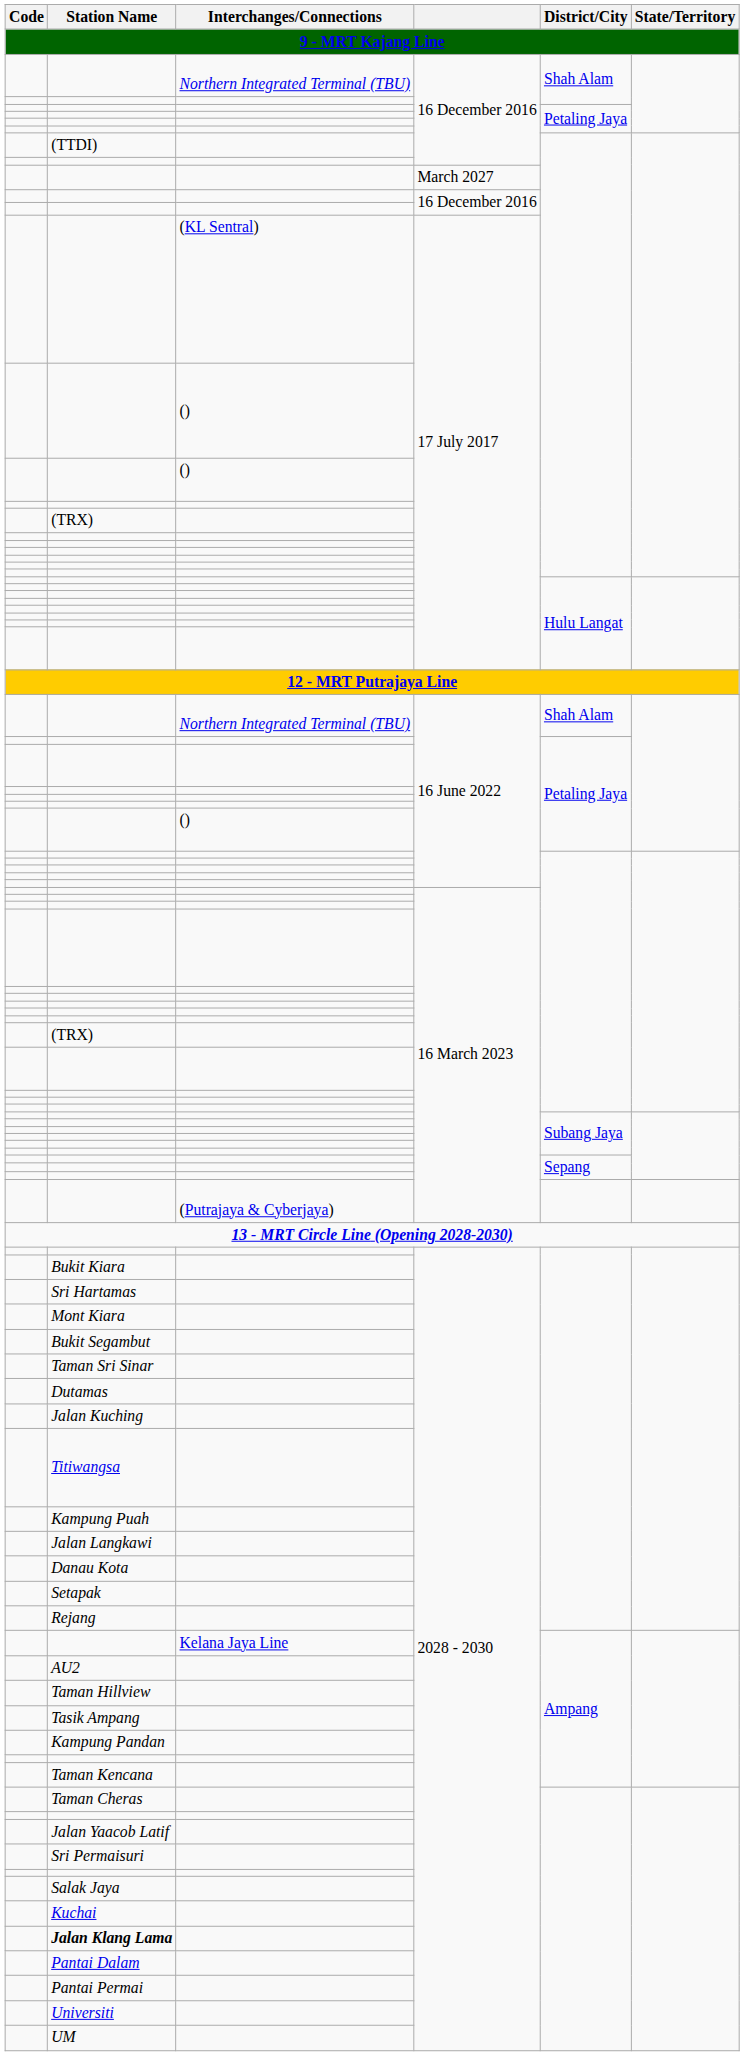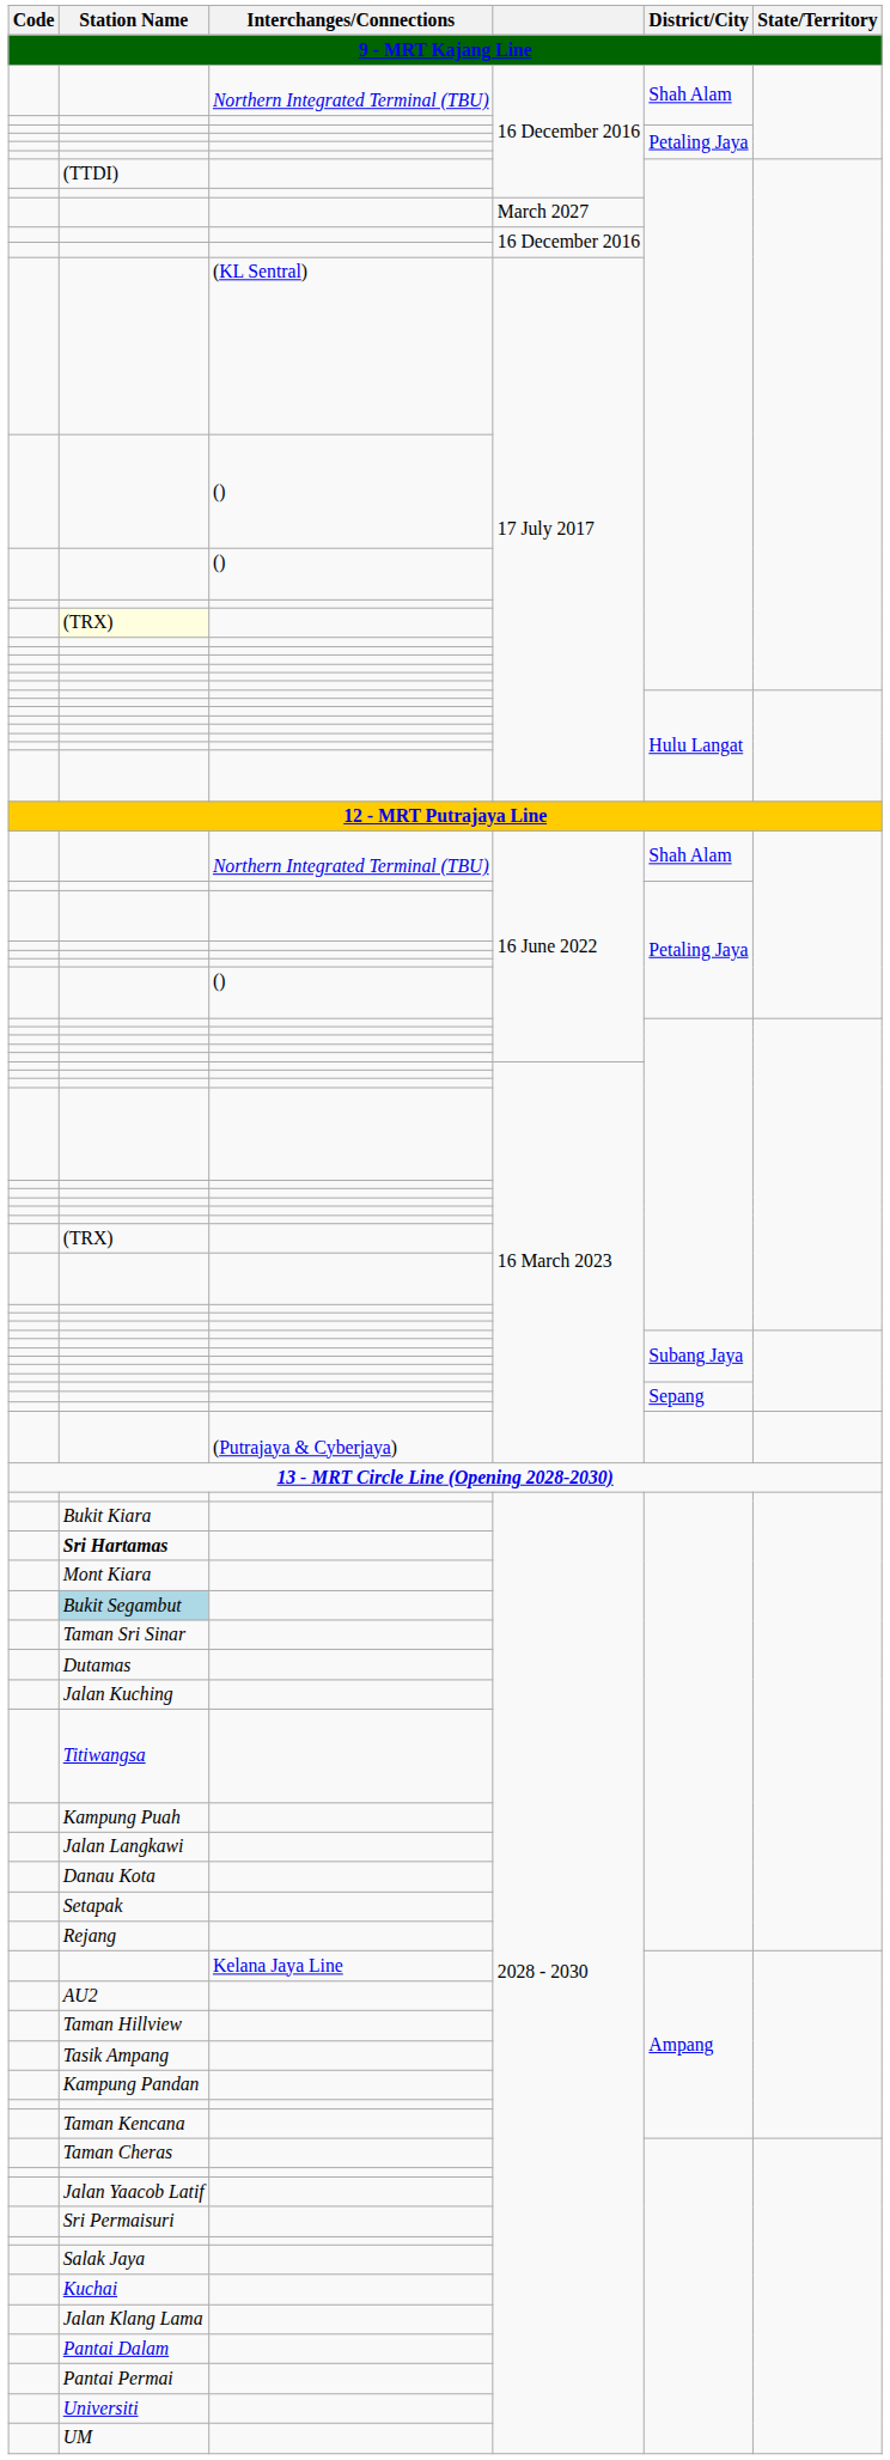 <table class="wikitable" style="margin: 1em auto 1em auto;">
 <tr>
 <th>Code</th>
 <th>Station Name</th>
 <th>Interchanges/Connections</th>
 <th></th>
 <th>District/City</th>
 <th>State/Territory</th>
 </tr>
 <tr bgcolor="#006400">
 <td colspan="6" align="center"><strong><a href='#'><span>9 - MRT Kajang Line</span></a></strong></td>
 </tr>
 <tr>
 <td></td>
 <td></td>
 <td> <br> <em><a href='#'>Northern Integrated Terminal (TBU)</a></em></td>
 <td rowspan="8">16 December 2016</td>
 <td rowspan="2"><a href='#'>Shah Alam</a></td>
 <td rowspan="6"></td>
 </tr>
 <tr>
 <td></td>
 <td></td>
 <td></td>
 </tr>
 <tr>
 <td></td>
 <td></td>
 <td></td>
 <td rowspan="4"><a href='#'>Petaling Jaya</a></td>
 </tr>
 <tr>
 <td></td>
 <td></td>
 <td></td>
 </tr>
 <tr>
 <td></td>
 <td></td>
 <td></td>
 </tr>
 <tr>
 <td></td>
 <td></td>
 <td> </td>
 </tr>
 <tr>
 <td></td>
 <td> (TTDI)</td>
 <td></td>
 <td rowspan="16"></td>
 <td rowspan="16"></td>
 </tr>
 <tr>
 <td></td>
 <td></td>
 <td></td>
 </tr>
 <tr>
 <td></td>
 <td><em></em></td>
 <td> </td>
 <td>March 2027</td>
 </tr>
 <tr>
 <td></td>
 <td></td>
 <td></td>
 <td rowspan="2">16 December 2016</td>
 </tr>
 <tr>
 <td></td>
 <td></td>
 <td></td>
 </tr>
 <tr>
 <td></td>
 <td></td>
 <td> (<a href='#'>KL Sentral</a>)<br><br><br><br><br><br><br><br> </td>
 <td rowspan="19">17 July 2017</td>
 </tr>
 <tr>
 <td></td>
 <td></td>
 <td> <br><br> ()<br><br><br> </td>
 </tr>
 <tr>
 <td></td>
 <td></td>
 <td> ()<br>  <br> </td>
 </tr>
 <tr>
 <td></td>
 <td></td>
 <td> </td>
 </tr>
 <tr>
 <td></td>
-<td> (TRX)</td>
+<td style="background: lightyellow;"> (TRX)</td>
 <td> </td>
 </tr>
 <tr>
 <td></td>
 <td></td>
 <td></td>
 </tr>
 <tr>
 <td></td>
 <td></td>
 <td> </td>
 </tr>
 <tr>
 <td></td>
 <td></td>
 <td></td>
 </tr>
 <tr>
 <td></td>
 <td></td>
 <td> </td>
 </tr>
 <tr>
 <td></td>
 <td></td>
 <td></td>
 </tr>
 <tr>
 <td></td>
 <td></td>
 <td></td>
 </tr>
 <tr>
 <td></td>
 <td></td>
 <td></td>
 <td rowspan="8"><a href='#'>Hulu Langat</a></td>
 <td rowspan="8"></td>
 </tr>
 <tr>
 <td></td>
 <td></td>
 <td></td>
 </tr>
 <tr>
 <td></td>
 <td></td>
 <td></td>
 </tr>
 <tr>
 <td></td>
 <td></td>
 <td></td>
 </tr>
 <tr>
 <td></td>
 <td></td>
 <td></td>
 </tr>
 <tr>
 <td></td>
 <td></td>
 <td></td>
 </tr>
 <tr>
 <td></td>
 <td></td>
 <td></td>
 </tr>
 <tr>
 <td></td>
 <td></td>
 <td><br><br> </td>
 </tr>
 <tr bgcolor="#ffcc00">
 <td colspan="6" align="center"><strong><a href='#'><span>12 - MRT Putrajaya Line</span></a></strong></td>
 </tr>
 <tr>
 <td></td>
 <td></td>
 <td> <br> <em><a href='#'>Northern Integrated Terminal (TBU)</a></em></td>
 <td rowspan="12">16 June 2022</td>
 <td><a href='#'>Shah Alam</a></td>
 <td rowspan="7"></td>
 </tr>
 <tr>
 <td></td>
 <td></td>
 <td></td>
 <td rowspan="6"><a href='#'>Petaling Jaya</a></td>
 </tr>
 <tr>
 <td></td>
 <td></td>
 <td><br><br> </td>
 </tr>
 <tr>
 <td></td>
 <td></td>
 <td></td>
 </tr>
 <tr>
 <td></td>
 <td></td>
 <td></td>
 </tr>
 <tr>
 <td></td>
 <td></td>
 <td></td>
 </tr>
 <tr>
 <td></td>
 <td></td>
 <td> ()<br><br> </td>
 </tr>
 <tr>
 <td></td>
 <td></td>
 <td></td>
 <td rowspan="19"></td>
 <td rowspan="19"></td>
 </tr>
 <tr>
 <td></td>
 <td></td>
 <td></td>
 </tr>
 <tr>
 <td></td>
 <td></td>
 <td></td>
 </tr>
 <tr>
 <td></td>
 <td></td>
 <td></td>
 </tr>
 <tr>
 <td></td>
 <td></td>
 <td> </td>
 </tr>
 <tr>
 <td></td>
 <td></td>
 <td></td>
 <td rowspan="24">16 March 2023</td>
 </tr>
 <tr>
 <td></td>
 <td></td>
 <td></td>
 </tr>
 <tr>
 <td></td>
 <td></td>
 <td></td>
 </tr>
 <tr>
 <td></td>
 <td></td>
 <td><br><br><br><br></td>
 </tr>
 <tr>
 <td></td>
 <td></td>
 <td></td>
 </tr>
 <tr>
 <td></td>
 <td></td>
 <td></td>
 </tr>
 <tr>
 <td></td>
 <td></td>
 <td> </td>
 </tr>
 <tr>
 <td></td>
 <td></td>
 <td></td>
 </tr>
 <tr>
 <td></td>
 <td></td>
 <td></td>
 </tr>
 <tr>
 <td></td>
 <td> (TRX)</td>
 <td> </td>
 </tr>
 <tr>
 <td></td>
 <td></td>
 <td><br><br></td>
 </tr>
 <tr>
 <td></td>
 <td></td>
 <td> </td>
 </tr>
 <tr>
 <td></td>
 <td></td>
 <td></td>
 </tr>
 <tr>
 <td></td>
 <td></td>
 <td> </td>
 </tr>
 <tr>
 <td></td>
 <td></td>
 <td></td>
 <td rowspan="6"><a href='#'>Subang Jaya</a></td>
 <td rowspan="9"></td>
 </tr>
 <tr>
 <td></td>
 <td></td>
 <td></td>
 </tr>
 <tr>
 <td></td>
 <td></td>
 <td></td>
 </tr>
 <tr>
 <td></td>
 <td></td>
 <td></td>
 </tr>
 <tr>
 <td></td>
 <td></td>
 <td></td>
 </tr>
 <tr>
 <td></td>
 <td></td>
 <td></td>
 </tr>
 <tr>
 <td></td>
 <td></td>
 <td></td>
 <td rowspan="3"><a href='#'>Sepang</a></td>
 </tr>
 <tr>
 <td></td>
 <td></td>
 <td></td>
 </tr>
 <tr>
 <td></td>
 <td></td>
 <td></td>
 </tr>
 <tr>
 <td></td>
 <td></td>
 <td><br> (<a href='#'>Putrajaya & Cyberjaya</a>)</td>
 <td></td>
 <td></td>
 </tr>
 <tr>
 <td colspan="6" align="center"><strong><a href='#'><span><em>13 - MRT Circle Line</em> <em>(Opening 2028-2030)</em></span></a><span><em></em></span></strong></td>
 </tr>
 <tr>
 <td></td>
 <td><em></em></td>
 <td> </td>
 <td rowspan="33">2028 - 2030</td>
 <td rowspan="14"></td>
 <td rowspan="14"></td>
 </tr>
 <tr>
 <td></td>
 <td><em>Bukit Kiara</em></td>
 <td></td>
 </tr>
 <tr>
 <td></td>
-<td><em>Sri Hartamas</em></td>
+<td><strong><em>Sri Hartamas</em></strong></td>
 <td></td>
 </tr>
 <tr>
 <td></td>
 <td><em>Mont Kiara</em></td>
 <td></td>
 </tr>
 <tr>
 <td></td>
-<td><em>Bukit Segambut</em></td>
+<td style="background: lightblue;"><em>Bukit Segambut</em></td>
 <td></td>
 </tr>
 <tr>
 <td></td>
 <td><em>Taman Sri Sinar</em></td>
 <td></td>
 </tr>
 <tr>
 <td></td>
 <td><em>Dutamas</em></td>
 <td></td>
 </tr>
 <tr>
 <td></td>
 <td><em>Jalan Kuching</em></td>
 <td><em> </em></td>
 </tr>
 <tr>
 <td></td>
 <td><a href='#'><em>Titiwangsa</em></a></td>
 <td><br><br><br><br></td>
 </tr>
 <tr>
 <td></td>
 <td><em>Kampung Puah</em></td>
 <td></td>
 </tr>
 <tr>
 <td></td>
 <td><em>Jalan Langkawi</em></td>
 <td></td>
 </tr>
 <tr>
 <td></td>
 <td><em>Danau Kota</em></td>
 <td></td>
 </tr>
 <tr>
 <td></td>
 <td><em>Setapak</em></td>
 <td></td>
 </tr>
 <tr>
 <td></td>
 <td><em>Rejang</em></td>
 <td></td>
 </tr>
 <tr>
 <td></td>
 <td><em></em></td>
 <td>  <a href='#'>Kelana Jaya Line</a></td>
 <td rowspan="7"><a href='#'>Ampang</a></td>
 <td rowspan="7"></td>
 </tr>
 <tr>
 <td></td>
 <td><em>AU2</em></td>
 <td></td>
 </tr>
 <tr>
 <td></td>
 <td><em>Taman Hillview</em></td>
 <td></td>
 </tr>
 <tr>
 <td></td>
 <td><em>Tasik Ampang</em></td>
 <td></td>
 </tr>
 <tr>
 <td></td>
 <td><em>Kampung Pandan</em></td>
 <td></td>
 </tr>
 <tr>
 <td></td>
 <td><em></em></td>
 <td> </td>
 </tr>
 <tr>
 <td></td>
 <td><em>Taman Kencana</em></td>
 <td></td>
 </tr>
 <tr>
 <td></td>
 <td><em>Taman Cheras</em></td>
 <td></td>
 <td rowspan="12"></td>
 <td rowspan="12"></td>
 </tr>
 <tr>
 <td></td>
 <td><em></em></td>
 <td> </td>
 </tr>
 <tr>
 <td></td>
 <td><em>Jalan Yaacob Latif</em></td>
 <td></td>
 </tr>
 <tr>
 <td></td>
 <td><em>Sri Permaisuri</em></td>
 <td></td>
 </tr>
 <tr>
 <td></td>
 <td><em></em></td>
 <td> </td>
 </tr>
 <tr>
 <td></td>
 <td><em>Salak Jaya</em></td>
 <td></td>
 </tr>
 <tr>
 <td></td>
 <td><a href='#'><em>Kuchai</em></a></td>
 <td> </td>
 </tr>
 <tr>
 <td></td>
-<td><strong><em>Jalan Klang Lama</em></strong></td>
+<td><em>Jalan Klang Lama</em></td>
 <td></td>
 </tr>
 <tr>
 <td></td>
 <td><a href='#'><em>Pantai Dalam</em></a></td>
 <td> </td>
 </tr>
 <tr>
 <td></td>
 <td><em>Pantai Permai</em></td>
 <td></td>
 </tr>
 <tr>
 <td></td>
 <td><a href='#'><em>Universiti</em></a></td>
 <td> </td>
 </tr>
 <tr>
 <td></td>
 <td><em>UM</em></td>
 <td></td>
 </tr>
 </table>
